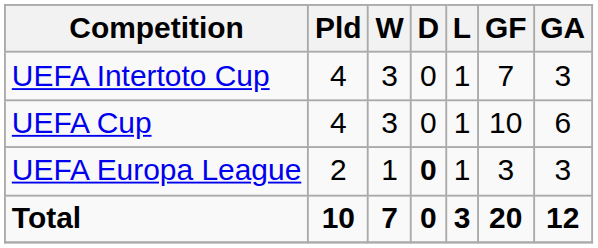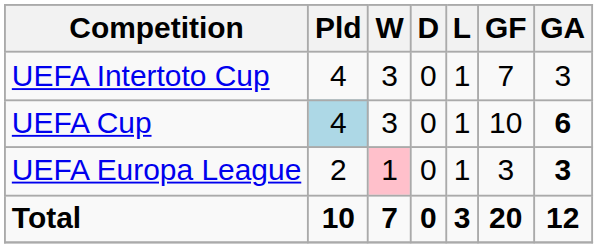 <table class="wikitable">
 <tr>
 <th>Competition</th>
 <th>Pld</th>
 <th>W</th>
 <th>D</th>
 <th>L</th>
 <th>GF</th>
 <th>GA</th>
 </tr>
 <tr>
 <td><a href='#'>UEFA Intertoto Cup</a></td>
 <td style="text-align:center;">4</td>
 <td style="text-align:center;">3</td>
 <td style="text-align:center;">0</td>
 <td style="text-align:center;">1</td>
 <td style="text-align:center;">7</td>
 <td style="text-align:center;">3</td>
 </tr>
 <tr>
 <td><a href='#'>UEFA Cup</a></td>
-<td style="text-align:center;">4</td>
+<td style="background: lightblue; text-align:center;">4</td>
 <td style="text-align:center;">3</td>
 <td style="text-align:center;">0</td>
 <td style="text-align:center;">1</td>
 <td style="text-align:center;">10</td>
-<td style="text-align:center;">6</td>
+<td style="text-align:center;"><strong>6</strong></td>
 </tr>
 <tr>
 <td><a href='#'>UEFA Europa League</a></td>
 <td style="text-align:center;">2</td>
-<td style="text-align:center;">1</td>
-<td style="text-align:center;"><strong>0</strong></td>
+<td style="background: pink; text-align:center;">1</td>
+<td style="text-align:center;">0</td>
 <td style="text-align:center;">1</td>
 <td style="text-align:center;">3</td>
-<td style="text-align:center;">3</td>
+<td style="text-align:center;"><strong>3</strong></td>
 </tr>
 <tr>
 <td><strong>Total</strong></td>
 <td style="text-align:center;"><strong>10</strong></td>
 <td style="text-align:center;"><strong>7</strong></td>
 <td style="text-align:center;"><strong>0</strong></td>
 <td style="text-align:center;"><strong>3</strong></td>
 <td style="text-align:center;"><strong>20</strong></td>
 <td style="text-align:center;"><strong>12</strong></td>
 </tr>
 <tr>
 </tr>
 </table>
